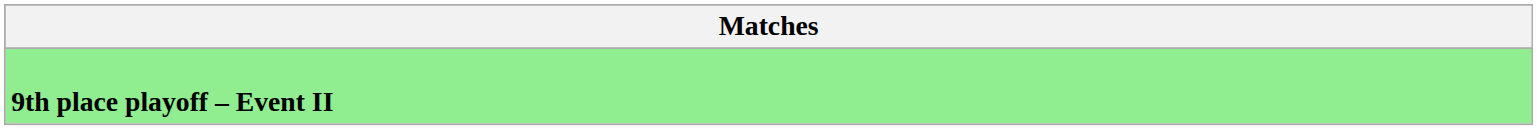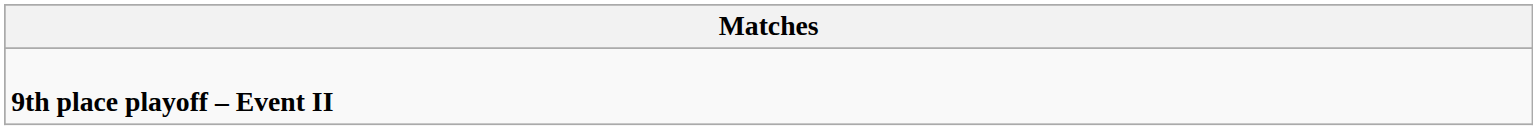 <table class="wikitable collapsible collapsed" style="width:100%;">
 <tr>
 <th>Matches</th>
 </tr>
 <tr>
-<td style="background: lightgreen;"><br><strong>9th place playoff – Event II</strong> </td>
+<td><br><strong>9th place playoff – Event II</strong> </td>
 </tr>
 </table>
